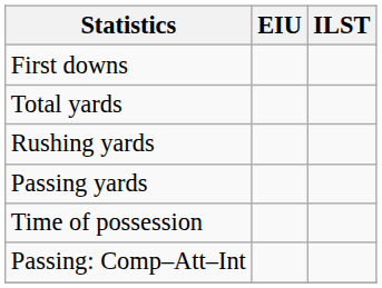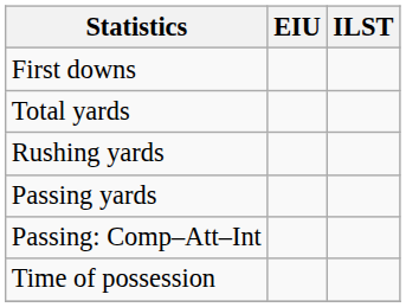 <table class="wikitable" style="float: left;">
 <tr>
 <th>Statistics</th>
 <th>EIU</th>
 <th>ILST</th>
 </tr>
 <tr>
 <td>First downs</td>
 <td></td>
 <td></td>
 </tr>
 <tr>
 <td>Total yards</td>
 <td></td>
 <td></td>
 </tr>
 <tr>
 <td>Rushing yards</td>
 <td></td>
 <td></td>
 </tr>
 <tr>
 <td>Passing yards</td>
 <td></td>
 <td></td>
 </tr>
 <tr>
-<td>Time of possession</td>
+<td>Passing: Comp–Att–Int</td>
 <td></td>
 <td></td>
 </tr>
 <tr>
-<td>Passing: Comp–Att–Int</td>
+<td>Time of possession</td>
 <td></td>
 <td></td>
 </tr>
 <tr>
 </tr>
 </table>
